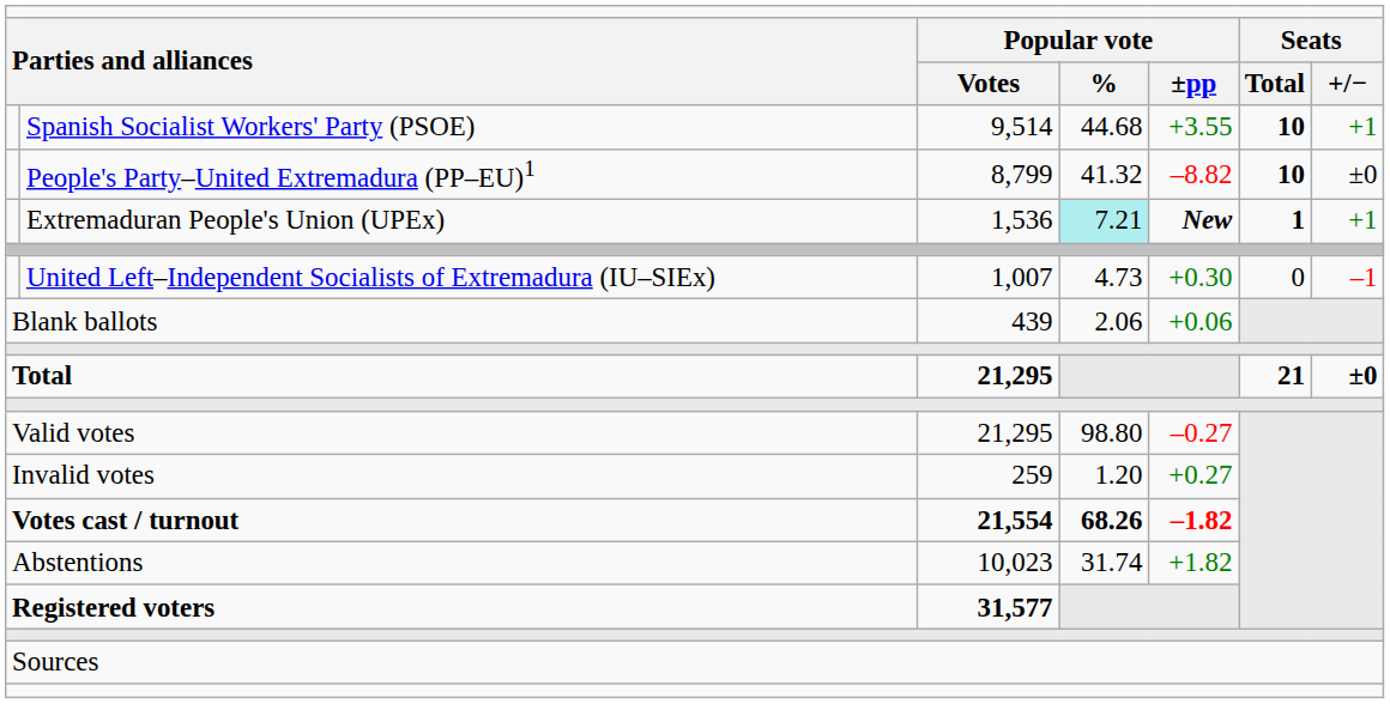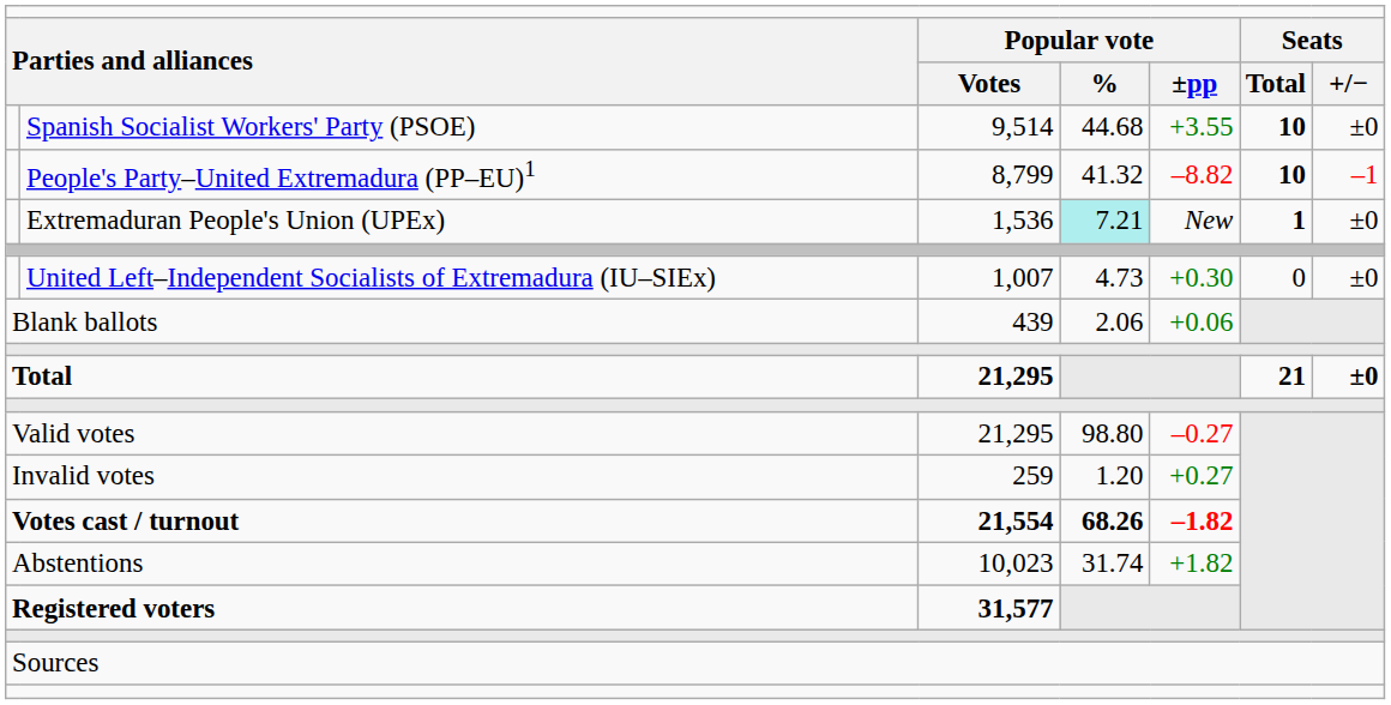 <table class="wikitable" style="text-align:right;">
 <tr>
 <td colspan="7"></td>
 </tr>
 <tr>
 <th style="text-align:left;" rowspan="2" colspan="2" width="525">Parties and alliances</th>
 <th colspan="3">Popular vote</th>
 <th colspan="2">Seats</th>
 </tr>
 <tr>
 <th width="75">Votes</th>
 <th width="45">%</th>
 <th width="45">±<a href='#'>pp</a></th>
 <th width="35">Total</th>
 <th width="35">+/−</th>
 </tr>
 <tr>
 <td width="1" style="color:inherit;background:"></td>
 <td align="left"><a href='#'>Spanish Socialist Workers' Party</a> (PSOE)</td>
 <td>9,514</td>
 <td>44.68</td>
 <td style="color:green;">+3.55</td>
 <td><strong>10</strong></td>
-<td style="color:green;">+1</td>
+<td>±0</td>
 </tr>
 <tr>
 <td style="color:inherit;background:"></td>
 <td align="left"><a href='#'>People's Party</a>–<a href='#'>United Extremadura</a> (PP–EU)<sup>1</sup></td>
 <td>8,799</td>
 <td>41.32</td>
 <td style="color:red;">–8.82</td>
 <td><strong>10</strong></td>
-<td>±0</td>
+<td style="color:red;">–1</td>
 </tr>
 <tr>
 <td style="color:inherit;background:"></td>
 <td align="left">Extremaduran People's Union (UPEx)</td>
 <td>1,536</td>
 <td style="background: paleturquoise;">7.21</td>
-<td><strong><em>New</em></strong></td>
+<td><em>New</em></td>
 <td><strong>1</strong></td>
-<td style="color:green;">+1</td>
+<td>±0</td>
 </tr>
 <tr>
 <td colspan="7" bgcolor="#C0C0C0"></td>
 </tr>
 <tr>
 <td style="color:inherit;background:"></td>
 <td align="left"><a href='#'>United Left</a>–<a href='#'>Independent Socialists of Extremadura</a> (IU–SIEx)</td>
 <td>1,007</td>
 <td>4.73</td>
 <td style="color:green;">+0.30</td>
 <td>0</td>
-<td style="color:red;">–1</td>
+<td>±0</td>
 </tr>
 <tr>
 <td align="left" colspan="2">Blank ballots</td>
 <td>439</td>
 <td>2.06</td>
 <td style="color:green;">+0.06</td>
 <td bgcolor="#E9E9E9" colspan="2"></td>
 </tr>
 <tr>
 <td colspan="7" bgcolor="#E9E9E9"></td>
 </tr>
 <tr style="font-weight:bold;">
 <td align="left" colspan="2">Total</td>
 <td>21,295</td>
 <td bgcolor="#E9E9E9" colspan="2"></td>
 <td>21</td>
 <td>±0</td>
 </tr>
 <tr>
 <td colspan="7" bgcolor="#E9E9E9"></td>
 </tr>
 <tr>
 <td align="left" colspan="2">Valid votes</td>
 <td>21,295</td>
 <td>98.80</td>
 <td style="color:red;">–0.27</td>
 <td bgcolor="#E9E9E9" colspan="2" rowspan="5"></td>
 </tr>
 <tr>
 <td align="left" colspan="2">Invalid votes</td>
 <td>259</td>
 <td>1.20</td>
 <td style="color:green;">+0.27</td>
 </tr>
 <tr style="font-weight:bold;">
 <td align="left" colspan="2">Votes cast / turnout</td>
 <td>21,554</td>
 <td>68.26</td>
 <td style="color:red;">–1.82</td>
 </tr>
 <tr>
 <td align="left" colspan="2">Abstentions</td>
 <td>10,023</td>
 <td>31.74</td>
 <td style="color:green;">+1.82</td>
 </tr>
 <tr style="font-weight:bold;">
 <td align="left" colspan="2">Registered voters</td>
 <td>31,577</td>
 <td bgcolor="#E9E9E9" colspan="2"></td>
 </tr>
 <tr>
 <td colspan="7" bgcolor="#E9E9E9"></td>
 </tr>
 <tr>
 <td align="left" colspan="7">Sources</td>
 </tr>
 <tr>
 <td colspan="7" style="text-align:left; max-width:790px;"></td>
 </tr>
 </table>
